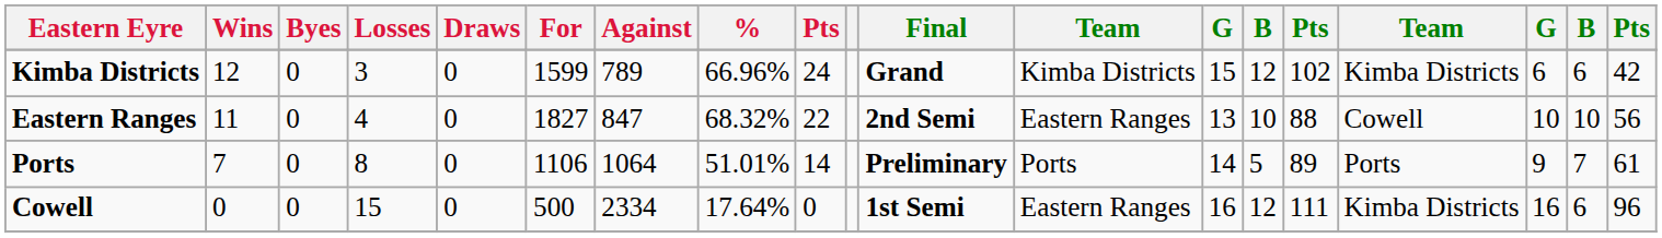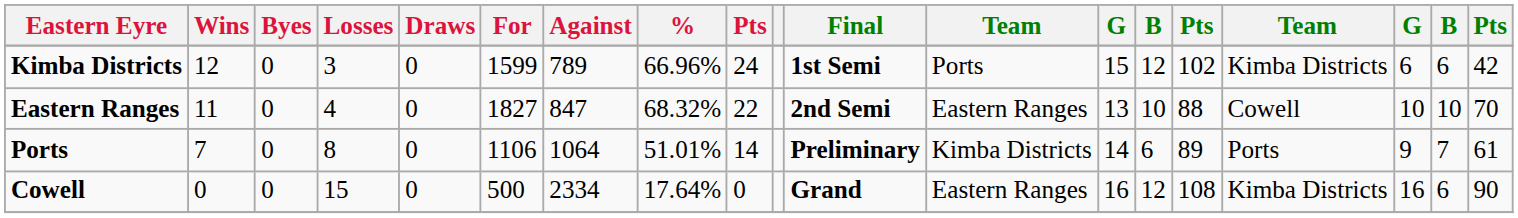 <table style="font-size: 85%; text-align: left;" class="wikitable">
 <tr>
 <th style="color:crimson">Eastern Eyre</th>
 <th style="color:crimson">Wins</th>
 <th style="color:crimson">Byes</th>
 <th style="color:crimson">Losses</th>
 <th style="color:crimson">Draws</th>
 <th style="color:crimson">For</th>
 <th style="color:crimson">Against</th>
 <th style="color:crimson">%</th>
 <th style="color:crimson">Pts</th>
 <th></th>
 <th style="color:green">Final</th>
 <th style="color:green">Team</th>
 <th style="color:green">G</th>
 <th style="color:green">B</th>
 <th style="color:green">Pts</th>
 <th style="color:green">Team</th>
 <th style="color:green">G</th>
 <th style="color:green">B</th>
 <th style="color:green">Pts</th>
 </tr>
 <tr>
 </tr>
 <tr>
 </tr>
 <tr>
 <td><strong>	Kimba Districts	</strong></td>
 <td>12</td>
 <td>0</td>
 <td>3</td>
 <td>0</td>
 <td>1599</td>
 <td>789</td>
 <td>66.96%</td>
 <td>24</td>
 <td></td>
-<td><strong>Grand</strong></td>
-<td>Kimba Districts</td>
+<td><strong>1st Semi</strong></td>
+<td>Ports</td>
 <td>15</td>
 <td>12</td>
 <td>102</td>
 <td>Kimba Districts</td>
 <td>6</td>
 <td>6</td>
 <td>42</td>
 </tr>
 <tr>
 <td><strong>	Eastern Ranges	</strong></td>
 <td>11</td>
 <td>0</td>
 <td>4</td>
 <td>0</td>
 <td>1827</td>
 <td>847</td>
 <td>68.32%</td>
 <td>22</td>
 <td></td>
 <td><strong>2nd Semi</strong></td>
 <td>Eastern Ranges</td>
 <td>13</td>
 <td>10</td>
 <td>88</td>
 <td>Cowell</td>
 <td>10</td>
 <td>10</td>
-<td>56</td>
+<td>70</td>
 </tr>
 <tr>
 <td><strong>	Ports	</strong></td>
 <td>7</td>
 <td>0</td>
 <td>8</td>
 <td>0</td>
 <td>1106</td>
 <td>1064</td>
 <td>51.01%</td>
 <td>14</td>
 <td></td>
 <td><strong>Preliminary</strong></td>
-<td>Ports</td>
+<td>Kimba Districts</td>
 <td>14</td>
-<td>5</td>
+<td>6</td>
 <td>89</td>
 <td>Ports</td>
 <td>9</td>
 <td>7</td>
 <td>61</td>
 </tr>
 <tr>
 <td><strong>	Cowell	</strong></td>
 <td>0</td>
 <td>0</td>
 <td>15</td>
 <td>0</td>
 <td>500</td>
 <td>2334</td>
 <td>17.64%</td>
 <td>0</td>
 <td></td>
-<td><strong>1st Semi</strong></td>
+<td><strong>Grand</strong></td>
 <td>Eastern Ranges</td>
 <td>16</td>
 <td>12</td>
-<td>111</td>
+<td>108</td>
 <td>Kimba Districts</td>
 <td>16</td>
 <td>6</td>
-<td>96</td>
+<td>90</td>
 </tr>
 <tr>
 </tr>
 </table>
